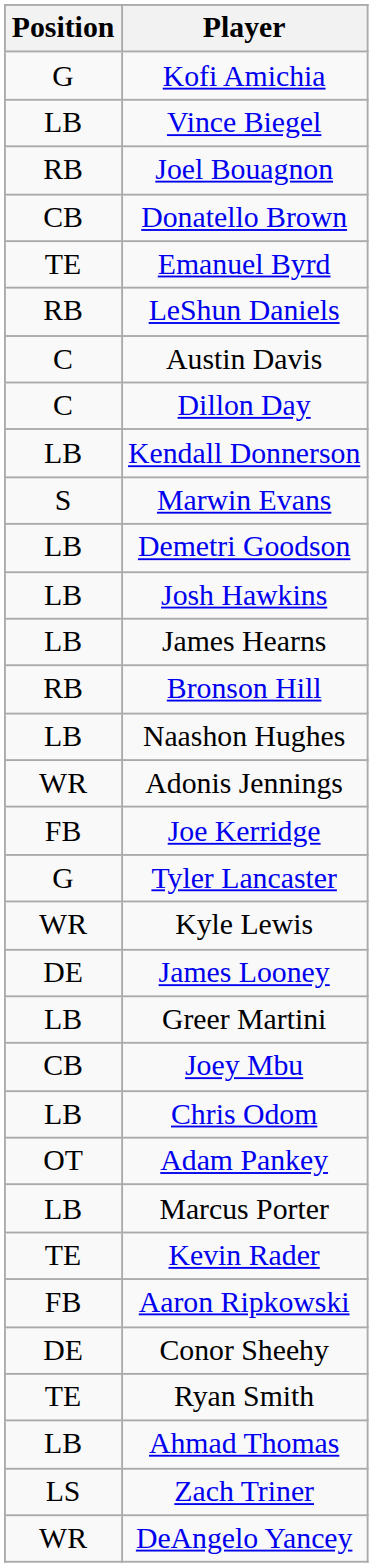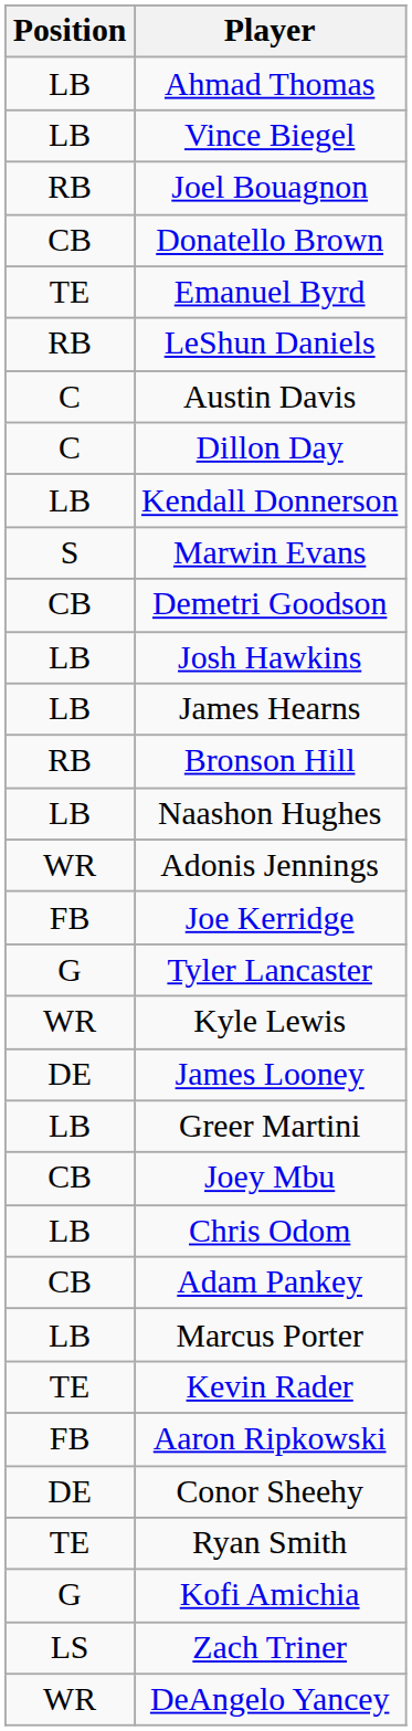 <table class="wikitable" style="text-align:center">
 <tr>
 <th>Position</th>
 <th>Player</th>
 </tr>
 <tr>
-<td>G</td>
-<td><a href='#'>Kofi Amichia</a></td>
+<td>LB</td>
+<td><a href='#'>Ahmad Thomas</a></td>
 </tr>
 <tr>
 <td>LB</td>
 <td><a href='#'>Vince Biegel</a></td>
 </tr>
 <tr>
 <td>RB</td>
 <td><a href='#'>Joel Bouagnon</a></td>
 </tr>
 <tr>
 <td>CB</td>
 <td><a href='#'>Donatello Brown</a></td>
 </tr>
 <tr>
 <td>TE</td>
 <td><a href='#'>Emanuel Byrd</a></td>
 </tr>
 <tr>
 <td>RB</td>
 <td><a href='#'>LeShun Daniels</a></td>
 </tr>
 <tr>
 <td>C</td>
 <td>Austin Davis</td>
 </tr>
 <tr>
 <td>C</td>
 <td><a href='#'>Dillon Day</a></td>
 </tr>
 <tr>
 <td>LB</td>
 <td><a href='#'>Kendall Donnerson</a></td>
 </tr>
 <tr>
 <td>S</td>
 <td><a href='#'>Marwin Evans</a></td>
 </tr>
 <tr>
-<td>LB</td>
+<td>CB</td>
 <td><a href='#'>Demetri Goodson</a></td>
 </tr>
 <tr>
 <td>LB</td>
 <td><a href='#'>Josh Hawkins</a></td>
 </tr>
 <tr>
 <td>LB</td>
 <td>James Hearns</td>
 </tr>
 <tr>
 <td>RB</td>
 <td><a href='#'>Bronson Hill</a></td>
 </tr>
 <tr>
 <td>LB</td>
 <td>Naashon Hughes</td>
 </tr>
 <tr>
 <td>WR</td>
 <td>Adonis Jennings</td>
 </tr>
 <tr>
 <td>FB</td>
 <td><a href='#'>Joe Kerridge</a></td>
 </tr>
 <tr>
 <td>G</td>
 <td><a href='#'>Tyler Lancaster</a></td>
 </tr>
 <tr>
 <td>WR</td>
 <td>Kyle Lewis</td>
 </tr>
 <tr>
 <td>DE</td>
 <td><a href='#'>James Looney</a></td>
 </tr>
 <tr>
 <td>LB</td>
 <td>Greer Martini</td>
 </tr>
 <tr>
 <td>CB</td>
 <td><a href='#'>Joey Mbu</a></td>
 </tr>
 <tr>
 <td>LB</td>
 <td><a href='#'>Chris Odom</a></td>
 </tr>
 <tr>
-<td>OT</td>
+<td>CB</td>
 <td><a href='#'>Adam Pankey</a></td>
 </tr>
 <tr>
 <td>LB</td>
 <td>Marcus Porter</td>
 </tr>
 <tr>
 <td>TE</td>
 <td><a href='#'>Kevin Rader</a></td>
 </tr>
 <tr>
 <td>FB</td>
 <td><a href='#'>Aaron Ripkowski</a></td>
 </tr>
 <tr>
 <td>DE</td>
 <td>Conor Sheehy</td>
 </tr>
 <tr>
 <td>TE</td>
 <td>Ryan Smith</td>
 </tr>
 <tr>
-<td>LB</td>
-<td><a href='#'>Ahmad Thomas</a></td>
+<td>G</td>
+<td><a href='#'>Kofi Amichia</a></td>
 </tr>
 <tr>
 <td>LS</td>
 <td><a href='#'>Zach Triner</a></td>
 </tr>
 <tr>
 <td>WR</td>
 <td><a href='#'>DeAngelo Yancey</a></td>
 </tr>
 </table>
